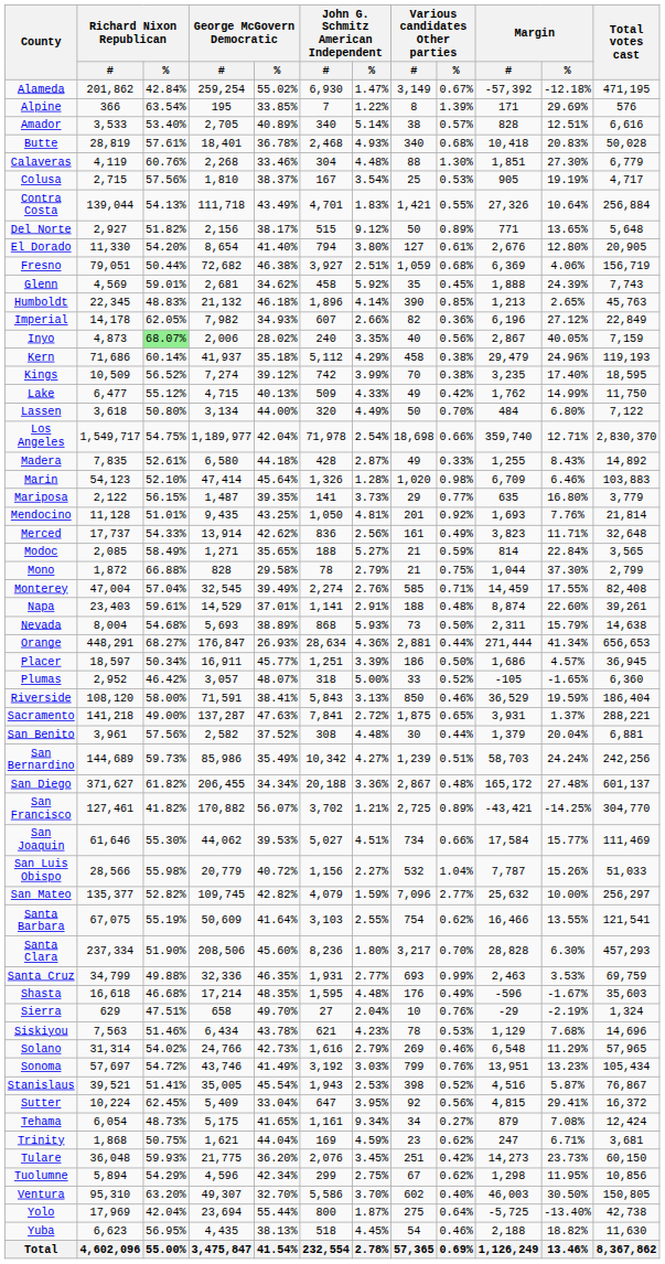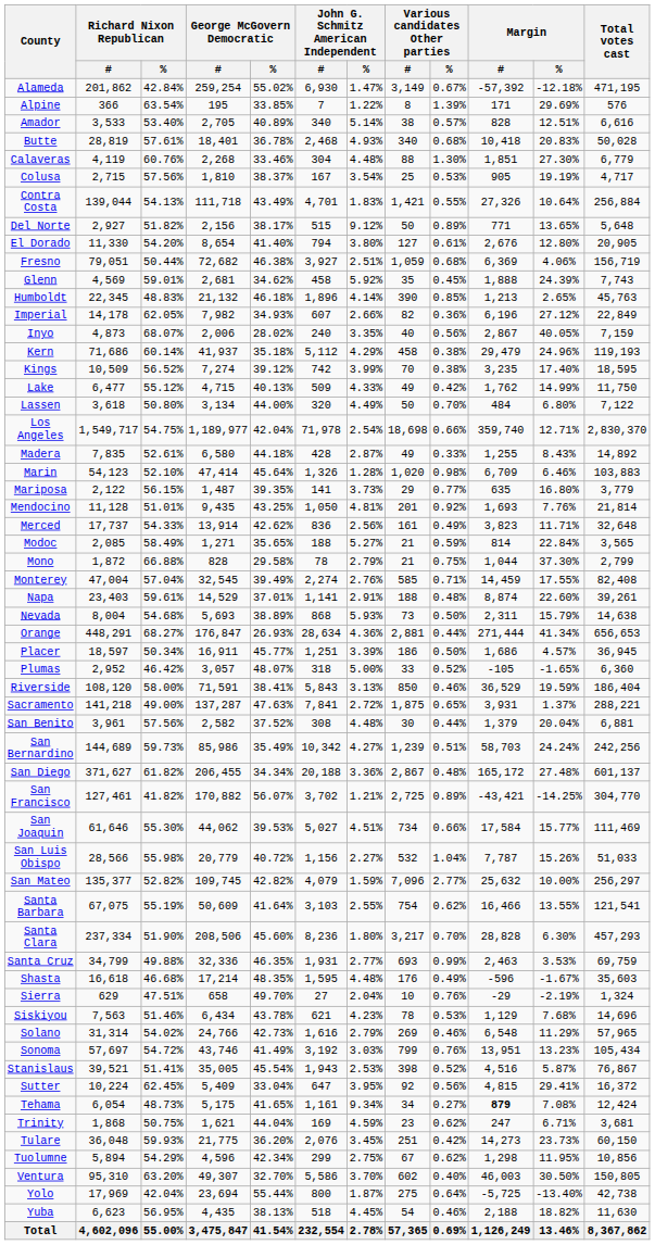 <table width="60%"  class="wikitable sortable" style="text-align:center">
 <tr>
 <th style="text-align:center;" rowspan="2">County</th>
 <th style="text-align:center;" colspan="2">Richard Nixon<br>Republican</th>
 <th style="text-align:center;" colspan="2">George McGovern<br>Democratic</th>
 <th style="text-align:center;" colspan="2">John G. Schmitz<br>American Independent</th>
 <th style="text-align:center;" colspan="2">Various candidates<br>Other parties</th>
 <th style="text-align:center;" colspan="2">Margin</th>
 <th style="text-align:center;" rowspan="2">Total votes cast</th>
 </tr>
 <tr>
 <th style="text-align:center;" data-sort-type="number">#</th>
 <th style="text-align:center;" data-sort-type="number">%</th>
 <th style="text-align:center;" data-sort-type="number">#</th>
 <th style="text-align:center;" data-sort-type="number">%</th>
 <th style="text-align:center;" data-sort-type="number">#</th>
 <th style="text-align:center;" data-sort-type="number">%</th>
 <th style="text-align:center;" data-sort-type="number">#</th>
 <th style="text-align:center;" data-sort-type="number">%</th>
 <th style="text-align:center;" data-sort-type="number">#</th>
 <th style="text-align:center;" data-sort-type="number">%</th>
 </tr>
 <tr style="text-align:center;">
 <td><a href='#'>Alameda</a></td>
 <td>201,862</td>
 <td>42.84%</td>
 <td>259,254</td>
 <td>55.02%</td>
 <td>6,930</td>
 <td>1.47%</td>
 <td>3,149</td>
 <td>0.67%</td>
 <td>-57,392</td>
 <td>-12.18%</td>
 <td>471,195</td>
 </tr>
 <tr style="text-align:center;">
 <td><a href='#'>Alpine</a></td>
 <td>366</td>
 <td>63.54%</td>
 <td>195</td>
 <td>33.85%</td>
 <td>7</td>
 <td>1.22%</td>
 <td>8</td>
 <td>1.39%</td>
 <td>171</td>
 <td>29.69%</td>
 <td>576</td>
 </tr>
 <tr style="text-align:center;">
 <td><a href='#'>Amador</a></td>
 <td>3,533</td>
 <td>53.40%</td>
 <td>2,705</td>
 <td>40.89%</td>
 <td>340</td>
 <td>5.14%</td>
 <td>38</td>
 <td>0.57%</td>
 <td>828</td>
 <td>12.51%</td>
 <td>6,616</td>
 </tr>
 <tr style="text-align:center;">
 <td><a href='#'>Butte</a></td>
 <td>28,819</td>
 <td>57.61%</td>
 <td>18,401</td>
 <td>36.78%</td>
 <td>2,468</td>
 <td>4.93%</td>
 <td>340</td>
 <td>0.68%</td>
 <td>10,418</td>
 <td>20.83%</td>
 <td>50,028</td>
 </tr>
 <tr style="text-align:center;">
 <td><a href='#'>Calaveras</a></td>
 <td>4,119</td>
 <td>60.76%</td>
 <td>2,268</td>
 <td>33.46%</td>
 <td>304</td>
 <td>4.48%</td>
 <td>88</td>
 <td>1.30%</td>
 <td>1,851</td>
 <td>27.30%</td>
 <td>6,779</td>
 </tr>
 <tr style="text-align:center;">
 <td><a href='#'>Colusa</a></td>
 <td>2,715</td>
 <td>57.56%</td>
 <td>1,810</td>
 <td>38.37%</td>
 <td>167</td>
 <td>3.54%</td>
 <td>25</td>
 <td>0.53%</td>
 <td>905</td>
 <td>19.19%</td>
 <td>4,717</td>
 </tr>
 <tr style="text-align:center;">
 <td><a href='#'>Contra Costa</a></td>
 <td>139,044</td>
 <td>54.13%</td>
 <td>111,718</td>
 <td>43.49%</td>
 <td>4,701</td>
 <td>1.83%</td>
 <td>1,421</td>
 <td>0.55%</td>
 <td>27,326</td>
 <td>10.64%</td>
 <td>256,884</td>
 </tr>
 <tr style="text-align:center;">
 <td><a href='#'>Del Norte</a></td>
 <td>2,927</td>
 <td>51.82%</td>
 <td>2,156</td>
 <td>38.17%</td>
 <td>515</td>
 <td>9.12%</td>
 <td>50</td>
 <td>0.89%</td>
 <td>771</td>
 <td>13.65%</td>
 <td>5,648</td>
 </tr>
 <tr style="text-align:center;">
 <td><a href='#'>El Dorado</a></td>
 <td>11,330</td>
 <td>54.20%</td>
 <td>8,654</td>
 <td>41.40%</td>
 <td>794</td>
 <td>3.80%</td>
 <td>127</td>
 <td>0.61%</td>
 <td>2,676</td>
 <td>12.80%</td>
 <td>20,905</td>
 </tr>
 <tr style="text-align:center;">
 <td><a href='#'>Fresno</a></td>
 <td>79,051</td>
 <td>50.44%</td>
 <td>72,682</td>
 <td>46.38%</td>
 <td>3,927</td>
 <td>2.51%</td>
 <td>1,059</td>
 <td>0.68%</td>
 <td>6,369</td>
 <td>4.06%</td>
 <td>156,719</td>
 </tr>
 <tr style="text-align:center;">
 <td><a href='#'>Glenn</a></td>
 <td>4,569</td>
 <td>59.01%</td>
 <td>2,681</td>
 <td>34.62%</td>
 <td>458</td>
 <td>5.92%</td>
 <td>35</td>
 <td>0.45%</td>
 <td>1,888</td>
 <td>24.39%</td>
 <td>7,743</td>
 </tr>
 <tr style="text-align:center;">
 <td><a href='#'>Humboldt</a></td>
 <td>22,345</td>
 <td>48.83%</td>
 <td>21,132</td>
 <td>46.18%</td>
 <td>1,896</td>
 <td>4.14%</td>
 <td>390</td>
 <td>0.85%</td>
 <td>1,213</td>
 <td>2.65%</td>
 <td>45,763</td>
 </tr>
 <tr style="text-align:center;">
 <td><a href='#'>Imperial</a></td>
 <td>14,178</td>
 <td>62.05%</td>
 <td>7,982</td>
 <td>34.93%</td>
 <td>607</td>
 <td>2.66%</td>
 <td>82</td>
 <td>0.36%</td>
 <td>6,196</td>
 <td>27.12%</td>
 <td>22,849</td>
 </tr>
 <tr style="text-align:center;">
 <td><a href='#'>Inyo</a></td>
 <td>4,873</td>
-<td style="background: lightgreen;">68.07%</td>
+<td>68.07%</td>
 <td>2,006</td>
 <td>28.02%</td>
 <td>240</td>
 <td>3.35%</td>
 <td>40</td>
 <td>0.56%</td>
 <td>2,867</td>
 <td>40.05%</td>
 <td>7,159</td>
 </tr>
 <tr style="text-align:center;">
 <td><a href='#'>Kern</a></td>
 <td>71,686</td>
 <td>60.14%</td>
 <td>41,937</td>
 <td>35.18%</td>
 <td>5,112</td>
 <td>4.29%</td>
 <td>458</td>
 <td>0.38%</td>
 <td>29,479</td>
 <td>24.96%</td>
 <td>119,193</td>
 </tr>
 <tr style="text-align:center;">
 <td><a href='#'>Kings</a></td>
 <td>10,509</td>
 <td>56.52%</td>
 <td>7,274</td>
 <td>39.12%</td>
 <td>742</td>
 <td>3.99%</td>
 <td>70</td>
 <td>0.38%</td>
 <td>3,235</td>
 <td>17.40%</td>
 <td>18,595</td>
 </tr>
 <tr style="text-align:center;">
 <td><a href='#'>Lake</a></td>
 <td>6,477</td>
 <td>55.12%</td>
 <td>4,715</td>
 <td>40.13%</td>
 <td>509</td>
 <td>4.33%</td>
 <td>49</td>
 <td>0.42%</td>
 <td>1,762</td>
 <td>14.99%</td>
 <td>11,750</td>
 </tr>
 <tr style="text-align:center;">
 <td><a href='#'>Lassen</a></td>
 <td>3,618</td>
 <td>50.80%</td>
 <td>3,134</td>
 <td>44.00%</td>
 <td>320</td>
 <td>4.49%</td>
 <td>50</td>
 <td>0.70%</td>
 <td>484</td>
 <td>6.80%</td>
 <td>7,122</td>
 </tr>
 <tr style="text-align:center;">
 <td><a href='#'>Los Angeles</a></td>
 <td>1,549,717</td>
 <td>54.75%</td>
 <td>1,189,977</td>
 <td>42.04%</td>
 <td>71,978</td>
 <td>2.54%</td>
 <td>18,698</td>
 <td>0.66%</td>
 <td>359,740</td>
 <td>12.71%</td>
 <td>2,830,370</td>
 </tr>
 <tr style="text-align:center;">
 <td><a href='#'>Madera</a></td>
 <td>7,835</td>
 <td>52.61%</td>
 <td>6,580</td>
 <td>44.18%</td>
 <td>428</td>
 <td>2.87%</td>
 <td>49</td>
 <td>0.33%</td>
 <td>1,255</td>
 <td>8.43%</td>
 <td>14,892</td>
 </tr>
 <tr style="text-align:center;">
 <td><a href='#'>Marin</a></td>
 <td>54,123</td>
 <td>52.10%</td>
 <td>47,414</td>
 <td>45.64%</td>
 <td>1,326</td>
 <td>1.28%</td>
 <td>1,020</td>
 <td>0.98%</td>
 <td>6,709</td>
 <td>6.46%</td>
 <td>103,883</td>
 </tr>
 <tr style="text-align:center;">
 <td><a href='#'>Mariposa</a></td>
 <td>2,122</td>
 <td>56.15%</td>
 <td>1,487</td>
 <td>39.35%</td>
 <td>141</td>
 <td>3.73%</td>
 <td>29</td>
 <td>0.77%</td>
 <td>635</td>
 <td>16.80%</td>
 <td>3,779</td>
 </tr>
 <tr style="text-align:center;">
 <td><a href='#'>Mendocino</a></td>
 <td>11,128</td>
 <td>51.01%</td>
 <td>9,435</td>
 <td>43.25%</td>
 <td>1,050</td>
 <td>4.81%</td>
 <td>201</td>
 <td>0.92%</td>
 <td>1,693</td>
 <td>7.76%</td>
 <td>21,814</td>
 </tr>
 <tr style="text-align:center;">
 <td><a href='#'>Merced</a></td>
 <td>17,737</td>
 <td>54.33%</td>
 <td>13,914</td>
 <td>42.62%</td>
 <td>836</td>
 <td>2.56%</td>
 <td>161</td>
 <td>0.49%</td>
 <td>3,823</td>
 <td>11.71%</td>
 <td>32,648</td>
 </tr>
 <tr style="text-align:center;">
 <td><a href='#'>Modoc</a></td>
 <td>2,085</td>
 <td>58.49%</td>
 <td>1,271</td>
 <td>35.65%</td>
 <td>188</td>
 <td>5.27%</td>
 <td>21</td>
 <td>0.59%</td>
 <td>814</td>
 <td>22.84%</td>
 <td>3,565</td>
 </tr>
 <tr style="text-align:center;">
 <td><a href='#'>Mono</a></td>
 <td>1,872</td>
 <td>66.88%</td>
 <td>828</td>
 <td>29.58%</td>
 <td>78</td>
 <td>2.79%</td>
 <td>21</td>
 <td>0.75%</td>
 <td>1,044</td>
 <td>37.30%</td>
 <td>2,799</td>
 </tr>
 <tr style="text-align:center;">
 <td><a href='#'>Monterey</a></td>
 <td>47,004</td>
 <td>57.04%</td>
 <td>32,545</td>
 <td>39.49%</td>
 <td>2,274</td>
 <td>2.76%</td>
 <td>585</td>
 <td>0.71%</td>
 <td>14,459</td>
 <td>17.55%</td>
 <td>82,408</td>
 </tr>
 <tr style="text-align:center;">
 <td><a href='#'>Napa</a></td>
 <td>23,403</td>
 <td>59.61%</td>
 <td>14,529</td>
 <td>37.01%</td>
 <td>1,141</td>
 <td>2.91%</td>
 <td>188</td>
 <td>0.48%</td>
 <td>8,874</td>
 <td>22.60%</td>
 <td>39,261</td>
 </tr>
 <tr style="text-align:center;">
 <td><a href='#'>Nevada</a></td>
 <td>8,004</td>
 <td>54.68%</td>
 <td>5,693</td>
 <td>38.89%</td>
 <td>868</td>
 <td>5.93%</td>
 <td>73</td>
 <td>0.50%</td>
 <td>2,311</td>
 <td>15.79%</td>
 <td>14,638</td>
 </tr>
 <tr style="text-align:center;">
 <td><a href='#'>Orange</a></td>
 <td>448,291</td>
 <td>68.27%</td>
 <td>176,847</td>
 <td>26.93%</td>
 <td>28,634</td>
 <td>4.36%</td>
 <td>2,881</td>
 <td>0.44%</td>
 <td>271,444</td>
 <td>41.34%</td>
 <td>656,653</td>
 </tr>
 <tr style="text-align:center;">
 <td><a href='#'>Placer</a></td>
 <td>18,597</td>
 <td>50.34%</td>
 <td>16,911</td>
 <td>45.77%</td>
 <td>1,251</td>
 <td>3.39%</td>
 <td>186</td>
 <td>0.50%</td>
 <td>1,686</td>
 <td>4.57%</td>
 <td>36,945</td>
 </tr>
 <tr style="text-align:center;">
 <td><a href='#'>Plumas</a></td>
 <td>2,952</td>
 <td>46.42%</td>
 <td>3,057</td>
 <td>48.07%</td>
 <td>318</td>
 <td>5.00%</td>
 <td>33</td>
 <td>0.52%</td>
 <td>-105</td>
 <td>-1.65%</td>
 <td>6,360</td>
 </tr>
 <tr style="text-align:center;">
 <td><a href='#'>Riverside</a></td>
 <td>108,120</td>
 <td>58.00%</td>
 <td>71,591</td>
 <td>38.41%</td>
 <td>5,843</td>
 <td>3.13%</td>
 <td>850</td>
 <td>0.46%</td>
 <td>36,529</td>
 <td>19.59%</td>
 <td>186,404</td>
 </tr>
 <tr style="text-align:center;">
 <td><a href='#'>Sacramento</a></td>
 <td>141,218</td>
 <td>49.00%</td>
 <td>137,287</td>
 <td>47.63%</td>
 <td>7,841</td>
 <td>2.72%</td>
 <td>1,875</td>
 <td>0.65%</td>
 <td>3,931</td>
 <td>1.37%</td>
 <td>288,221</td>
 </tr>
 <tr style="text-align:center;">
 <td><a href='#'>San Benito</a></td>
 <td>3,961</td>
 <td>57.56%</td>
 <td>2,582</td>
 <td>37.52%</td>
 <td>308</td>
 <td>4.48%</td>
 <td>30</td>
 <td>0.44%</td>
 <td>1,379</td>
 <td>20.04%</td>
 <td>6,881</td>
 </tr>
 <tr style="text-align:center;">
 <td><a href='#'>San Bernardino</a></td>
 <td>144,689</td>
 <td>59.73%</td>
 <td>85,986</td>
 <td>35.49%</td>
 <td>10,342</td>
 <td>4.27%</td>
 <td>1,239</td>
 <td>0.51%</td>
 <td>58,703</td>
 <td>24.24%</td>
 <td>242,256</td>
 </tr>
 <tr style="text-align:center;">
 <td><a href='#'>San Diego</a></td>
 <td>371,627</td>
 <td>61.82%</td>
 <td>206,455</td>
 <td>34.34%</td>
 <td>20,188</td>
 <td>3.36%</td>
 <td>2,867</td>
 <td>0.48%</td>
 <td>165,172</td>
 <td>27.48%</td>
 <td>601,137</td>
 </tr>
 <tr style="text-align:center;">
 <td><a href='#'>San Francisco</a></td>
 <td>127,461</td>
 <td>41.82%</td>
 <td>170,882</td>
 <td>56.07%</td>
 <td>3,702</td>
 <td>1.21%</td>
 <td>2,725</td>
 <td>0.89%</td>
 <td>-43,421</td>
 <td>-14.25%</td>
 <td>304,770</td>
 </tr>
 <tr style="text-align:center;">
 <td><a href='#'>San Joaquin</a></td>
 <td>61,646</td>
 <td>55.30%</td>
 <td>44,062</td>
 <td>39.53%</td>
 <td>5,027</td>
 <td>4.51%</td>
 <td>734</td>
 <td>0.66%</td>
 <td>17,584</td>
 <td>15.77%</td>
 <td>111,469</td>
 </tr>
 <tr style="text-align:center;">
 <td><a href='#'>San Luis Obispo</a></td>
 <td>28,566</td>
 <td>55.98%</td>
 <td>20,779</td>
 <td>40.72%</td>
 <td>1,156</td>
 <td>2.27%</td>
 <td>532</td>
 <td>1.04%</td>
 <td>7,787</td>
 <td>15.26%</td>
 <td>51,033</td>
 </tr>
 <tr style="text-align:center;">
 <td><a href='#'>San Mateo</a></td>
 <td>135,377</td>
 <td>52.82%</td>
 <td>109,745</td>
 <td>42.82%</td>
 <td>4,079</td>
 <td>1.59%</td>
 <td>7,096</td>
 <td>2.77%</td>
 <td>25,632</td>
 <td>10.00%</td>
 <td>256,297</td>
 </tr>
 <tr style="text-align:center;">
 <td><a href='#'>Santa Barbara</a></td>
 <td>67,075</td>
 <td>55.19%</td>
 <td>50,609</td>
 <td>41.64%</td>
 <td>3,103</td>
 <td>2.55%</td>
 <td>754</td>
 <td>0.62%</td>
 <td>16,466</td>
 <td>13.55%</td>
 <td>121,541</td>
 </tr>
 <tr style="text-align:center;">
 <td><a href='#'>Santa Clara</a></td>
 <td>237,334</td>
 <td>51.90%</td>
 <td>208,506</td>
 <td>45.60%</td>
 <td>8,236</td>
 <td>1.80%</td>
 <td>3,217</td>
 <td>0.70%</td>
 <td>28,828</td>
 <td>6.30%</td>
 <td>457,293</td>
 </tr>
 <tr style="text-align:center;">
 <td><a href='#'>Santa Cruz</a></td>
 <td>34,799</td>
 <td>49.88%</td>
 <td>32,336</td>
 <td>46.35%</td>
 <td>1,931</td>
 <td>2.77%</td>
 <td>693</td>
 <td>0.99%</td>
 <td>2,463</td>
 <td>3.53%</td>
 <td>69,759</td>
 </tr>
 <tr style="text-align:center;">
 <td><a href='#'>Shasta</a></td>
 <td>16,618</td>
 <td>46.68%</td>
 <td>17,214</td>
 <td>48.35%</td>
 <td>1,595</td>
 <td>4.48%</td>
 <td>176</td>
 <td>0.49%</td>
 <td>-596</td>
 <td>-1.67%</td>
 <td>35,603</td>
 </tr>
 <tr style="text-align:center;">
 <td><a href='#'>Sierra</a></td>
 <td>629</td>
 <td>47.51%</td>
 <td>658</td>
 <td>49.70%</td>
 <td>27</td>
 <td>2.04%</td>
 <td>10</td>
 <td>0.76%</td>
 <td>-29</td>
 <td>-2.19%</td>
 <td>1,324</td>
 </tr>
 <tr style="text-align:center;">
 <td><a href='#'>Siskiyou</a></td>
 <td>7,563</td>
 <td>51.46%</td>
 <td>6,434</td>
 <td>43.78%</td>
 <td>621</td>
 <td>4.23%</td>
 <td>78</td>
 <td>0.53%</td>
 <td>1,129</td>
 <td>7.68%</td>
 <td>14,696</td>
 </tr>
 <tr style="text-align:center;">
 <td><a href='#'>Solano</a></td>
 <td>31,314</td>
 <td>54.02%</td>
 <td>24,766</td>
 <td>42.73%</td>
 <td>1,616</td>
 <td>2.79%</td>
 <td>269</td>
 <td>0.46%</td>
 <td>6,548</td>
 <td>11.29%</td>
 <td>57,965</td>
 </tr>
 <tr style="text-align:center;">
 <td><a href='#'>Sonoma</a></td>
 <td>57,697</td>
 <td>54.72%</td>
 <td>43,746</td>
 <td>41.49%</td>
 <td>3,192</td>
 <td>3.03%</td>
 <td>799</td>
 <td>0.76%</td>
 <td>13,951</td>
 <td>13.23%</td>
 <td>105,434</td>
 </tr>
 <tr style="text-align:center;">
 <td><a href='#'>Stanislaus</a></td>
 <td>39,521</td>
 <td>51.41%</td>
 <td>35,005</td>
 <td>45.54%</td>
 <td>1,943</td>
 <td>2.53%</td>
 <td>398</td>
 <td>0.52%</td>
 <td>4,516</td>
 <td>5.87%</td>
 <td>76,867</td>
 </tr>
 <tr style="text-align:center;">
 <td><a href='#'>Sutter</a></td>
 <td>10,224</td>
 <td>62.45%</td>
 <td>5,409</td>
 <td>33.04%</td>
 <td>647</td>
 <td>3.95%</td>
 <td>92</td>
 <td>0.56%</td>
 <td>4,815</td>
 <td>29.41%</td>
 <td>16,372</td>
 </tr>
 <tr style="text-align:center;">
 <td><a href='#'>Tehama</a></td>
 <td>6,054</td>
 <td>48.73%</td>
 <td>5,175</td>
 <td>41.65%</td>
 <td>1,161</td>
 <td>9.34%</td>
 <td>34</td>
 <td>0.27%</td>
-<td>879</td>
+<td><strong>879</strong></td>
 <td>7.08%</td>
 <td>12,424</td>
 </tr>
 <tr style="text-align:center;">
 <td><a href='#'>Trinity</a></td>
 <td>1,868</td>
 <td>50.75%</td>
 <td>1,621</td>
 <td>44.04%</td>
 <td>169</td>
 <td>4.59%</td>
 <td>23</td>
 <td>0.62%</td>
 <td>247</td>
 <td>6.71%</td>
 <td>3,681</td>
 </tr>
 <tr style="text-align:center;">
 <td><a href='#'>Tulare</a></td>
 <td>36,048</td>
 <td>59.93%</td>
 <td>21,775</td>
 <td>36.20%</td>
 <td>2,076</td>
 <td>3.45%</td>
 <td>251</td>
 <td>0.42%</td>
 <td>14,273</td>
 <td>23.73%</td>
 <td>60,150</td>
 </tr>
 <tr style="text-align:center;">
 <td><a href='#'>Tuolumne</a></td>
 <td>5,894</td>
 <td>54.29%</td>
 <td>4,596</td>
 <td>42.34%</td>
 <td>299</td>
 <td>2.75%</td>
 <td>67</td>
 <td>0.62%</td>
 <td>1,298</td>
 <td>11.95%</td>
 <td>10,856</td>
 </tr>
 <tr style="text-align:center;">
 <td><a href='#'>Ventura</a></td>
 <td>95,310</td>
 <td>63.20%</td>
 <td>49,307</td>
 <td>32.70%</td>
 <td>5,586</td>
 <td>3.70%</td>
 <td>602</td>
 <td>0.40%</td>
 <td>46,003</td>
 <td>30.50%</td>
 <td>150,805</td>
 </tr>
 <tr style="text-align:center;">
 <td><a href='#'>Yolo</a></td>
 <td>17,969</td>
 <td>42.04%</td>
 <td>23,694</td>
 <td>55.44%</td>
 <td>800</td>
 <td>1.87%</td>
 <td>275</td>
 <td>0.64%</td>
 <td>-5,725</td>
 <td>-13.40%</td>
 <td>42,738</td>
 </tr>
 <tr style="text-align:center;">
 <td><a href='#'>Yuba</a></td>
 <td>6,623</td>
 <td>56.95%</td>
 <td>4,435</td>
 <td>38.13%</td>
 <td>518</td>
 <td>4.45%</td>
 <td>54</td>
 <td>0.46%</td>
 <td>2,188</td>
 <td>18.82%</td>
 <td>11,630</td>
 </tr>
 <tr>
 <th>Total</th>
 <th>4,602,096</th>
 <th>55.00%</th>
 <th>3,475,847</th>
 <th>41.54%</th>
 <th>232,554</th>
 <th>2.78%</th>
 <th>57,365</th>
 <th>0.69%</th>
 <th>1,126,249</th>
 <th>13.46%</th>
 <th>8,367,862</th>
 </tr>
 </table>
